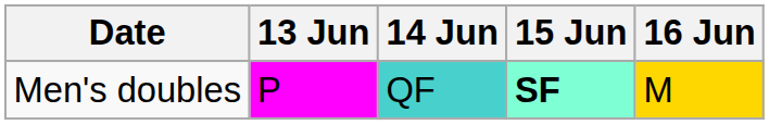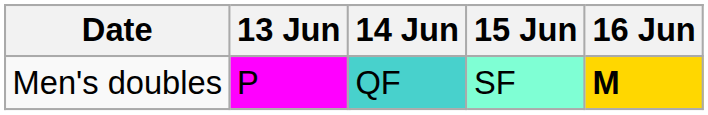 <table class="wikitable olympic-schedule Badminton">
 <tr>
 <th>Date</th>
 <th colspan="2">13 Jun</th>
 <th>14 Jun</th>
 <th>15 Jun</th>
 <th>16 Jun</th>
 </tr>
 <tr>
 <td class="event">Men's doubles</td>
 <td colspan="2" bgcolor="#FF00FF" class="prelims">P</td>
 <td bgcolor="#48D1CC" class="quarterfinals">QF</td>
-<td bgcolor="#7FFFD4" class="semifinals"><strong>SF</strong></td>
-<td bgcolor="gold" class="finals">M</td>
+<td bgcolor="#7FFFD4" class="semifinals">SF</td>
+<td bgcolor="gold" class="finals"><strong>M</strong></td>
 </tr>
 </table>
